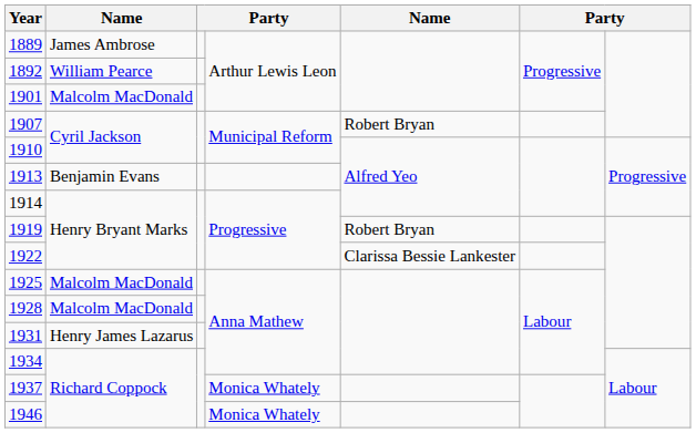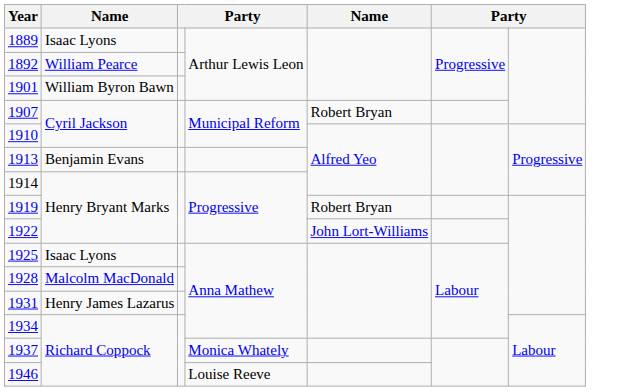 <table class="wikitable">
 <tr>
 <th>Year</th>
 <th>Name</th>
 <th colspan=2>Party</th>
 <th>Name</th>
 <th colspan=2>Party</th>
 </tr>
 <tr>
 <td><a href='#'>1889</a></td>
-<td>James Ambrose</td>
+<td>Isaac Lyons</td>
 <td></td>
 <td rowspan=3>Arthur Lewis Leon</td>
 <td rowspan=3 style="background-color: "></td>
 <td rowspan=3><a href='#'>Progressive</a></td>
 </tr>
 <tr>
 <td><a href='#'>1892</a></td>
 <td><a href='#'>William Pearce</a></td>
 <td></td>
 </tr>
 <tr>
 <td><a href='#'>1901</a></td>
-<td><a href='#'>Malcolm MacDonald</a></td>
+<td>William Byron Bawn</td>
 <td></td>
 </tr>
 <tr>
 <td><a href='#'>1907</a></td>
 <td rowspan=2><a href='#'>Cyril Jackson</a></td>
 <td rowspan=2 style="background-color: "></td>
 <td rowspan=2><a href='#'>Municipal Reform</a></td>
 <td>Robert Bryan</td>
 <td></td>
 </tr>
 <tr>
 <td><a href='#'>1910</a></td>
 <td rowspan=3><a href='#'>Alfred Yeo</a></td>
 <td rowspan=3 style="background-color: "></td>
 <td rowspan=3><a href='#'>Progressive</a></td>
 </tr>
 <tr>
 <td><a href='#'>1913</a></td>
 <td>Benjamin Evans</td>
 <td></td>
 </tr>
 <tr>
 <td>1914</td>
 <td rowspan=3>Henry Bryant Marks</td>
 <td rowspan=3 style="background-color: "></td>
 <td rowspan=3><a href='#'>Progressive</a></td>
 </tr>
 <tr>
 <td><a href='#'>1919</a></td>
 <td>Robert Bryan</td>
 <td></td>
 </tr>
 <tr>
 <td><a href='#'>1922</a></td>
-<td>Clarissa Bessie Lankester</td>
+<td><a href='#'>John Lort-Williams</a></td>
 <td></td>
 </tr>
 <tr>
 <td><a href='#'>1925</a></td>
-<td><a href='#'>Malcolm MacDonald</a></td>
+<td>Isaac Lyons</td>
 <td></td>
 <td rowspan=4><a href='#'>Anna Mathew</a></td>
 <td rowspan=4 style="background-color: "></td>
 <td rowspan=4><a href='#'>Labour</a></td>
 </tr>
 <tr>
 <td><a href='#'>1928</a></td>
 <td><a href='#'>Malcolm MacDonald</a></td>
 <td></td>
 </tr>
 <tr>
 <td><a href='#'>1931</a></td>
 <td>Henry James Lazarus</td>
 <td></td>
 </tr>
 <tr>
 <td><a href='#'>1934</a></td>
 <td rowspan=3><a href='#'>Richard Coppock</a></td>
 <td rowspan=3 style="background-color: "></td>
 <td rowspan=3><a href='#'>Labour</a></td>
 </tr>
 <tr>
 <td><a href='#'>1937</a></td>
 <td><a href='#'>Monica Whately</a></td>
 <td></td>
 </tr>
 <tr>
 <td><a href='#'>1946</a></td>
-<td><a href='#'>Monica Whately</a></td>
+<td>Louise Reeve</td>
 <td></td>
 </tr>
 </table>
